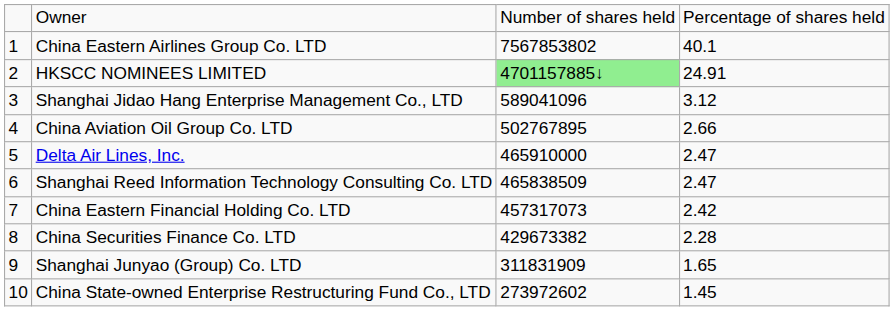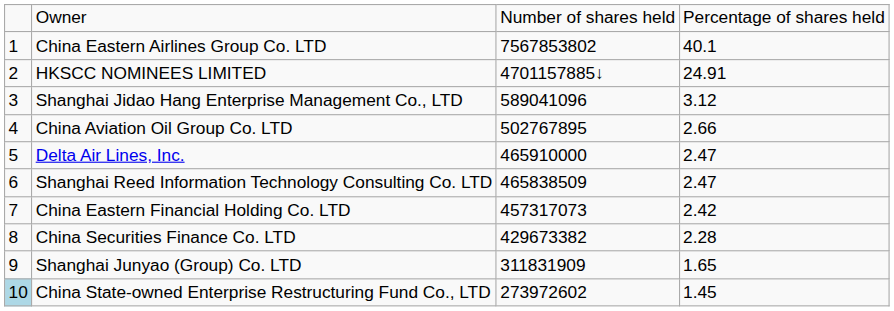 <table class="wikitable">
 <tr>
 <td></td>
 <td>Owner</td>
 <td>Number of shares held</td>
 <td>Percentage of shares held</td>
 </tr>
 <tr>
 <td>1</td>
 <td>China Eastern Airlines Group Co. LTD</td>
 <td>7567853802</td>
 <td>40.1</td>
 </tr>
 <tr>
 <td>2</td>
 <td>HKSCC NOMINEES LIMITED</td>
-<td style="background: lightgreen;">4701157885↓</td>
+<td>4701157885↓</td>
 <td>24.91</td>
 </tr>
 <tr>
 <td>3</td>
 <td>Shanghai Jidao Hang Enterprise Management Co., LTD</td>
 <td>589041096</td>
 <td>3.12</td>
 </tr>
 <tr>
 <td>4</td>
 <td>China Aviation Oil Group Co. LTD</td>
 <td>502767895</td>
 <td>2.66</td>
 </tr>
 <tr>
 <td>5</td>
 <td><a href='#'>Delta Air Lines, Inc.</a></td>
 <td>465910000</td>
 <td>2.47</td>
 </tr>
 <tr>
 <td>6</td>
 <td>Shanghai Reed Information Technology Consulting Co. LTD</td>
 <td>465838509</td>
 <td>2.47</td>
 </tr>
 <tr>
 <td>7</td>
 <td>China Eastern Financial Holding Co. LTD</td>
 <td>457317073</td>
 <td>2.42</td>
 </tr>
 <tr>
 <td>8</td>
 <td>China Securities Finance Co. LTD</td>
 <td>429673382</td>
 <td>2.28</td>
 </tr>
 <tr>
 <td>9</td>
 <td>Shanghai Junyao (Group) Co. LTD</td>
 <td>311831909</td>
 <td>1.65</td>
 </tr>
 <tr>
-<td>10</td>
+<td style="background: lightblue;">10</td>
 <td>China State-owned Enterprise Restructuring Fund Co., LTD</td>
 <td>273972602</td>
 <td>1.45</td>
 </tr>
 </table>
